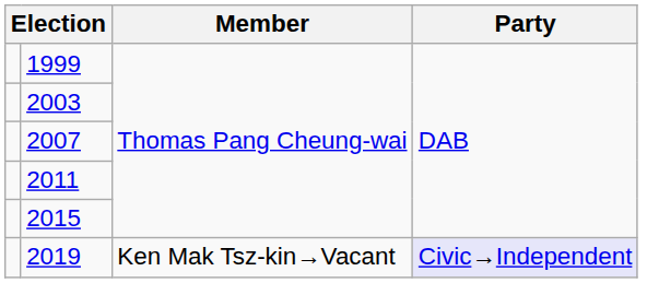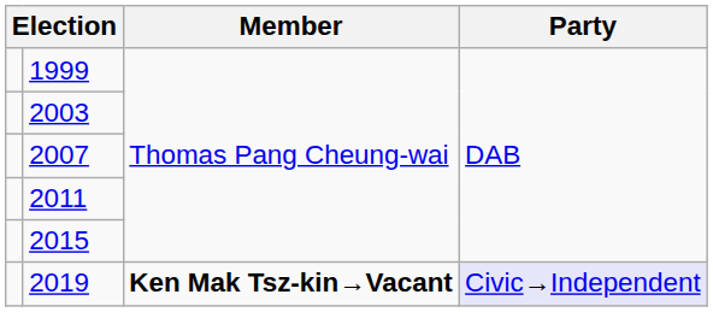 <table class="wikitable">
 <tr>
 <th colspan="2">Election</th>
 <th>Member</th>
 <th>Party</th>
 </tr>
 <tr>
 <td style="background-color:"></td>
 <td><a href='#'>1999</a></td>
 <td rowspan=5><a href='#'>Thomas Pang Cheung-wai</a></td>
 <td rowspan=5><a href='#'>DAB</a></td>
 </tr>
 <tr>
 <td style="background-color:"></td>
 <td><a href='#'>2003</a></td>
 </tr>
 <tr>
 <td style="background-color:"></td>
 <td><a href='#'>2007</a></td>
 </tr>
 <tr>
 <td style="background-color:"></td>
 <td><a href='#'>2011</a></td>
 </tr>
 <tr>
 <td style="background-color:"></td>
 <td><a href='#'>2015</a></td>
 </tr>
 <tr>
 <td style="background-color:"></td>
 <td><a href='#'>2019</a></td>
-<td>Ken Mak Tsz-kin→Vacant</td>
+<td><strong>Ken Mak Tsz-kin→Vacant</strong></td>
 <td style="background: lavender;"><a href='#'>Civic</a>→<a href='#'>Independent</a></td>
 </tr>
 </table>
